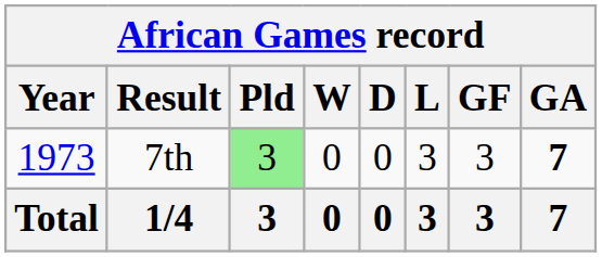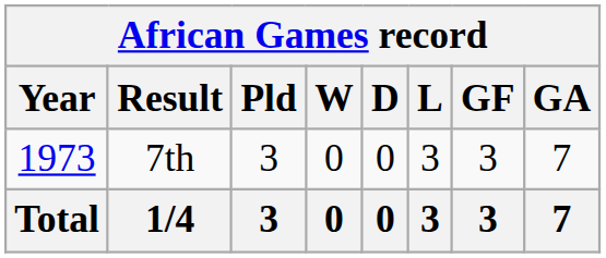 <table class="wikitable" style="text-align: center;">
 <tr>
 <th colspan=9><a href='#'>African Games</a> record</th>
 </tr>
 <tr>
 <th>Year</th>
 <th>Result</th>
 <th>Pld</th>
 <th>W</th>
 <th>D</th>
 <th>L</th>
 <th>GF</th>
 <th>GA</th>
 </tr>
 <tr>
 <td> <a href='#'>1973</a></td>
 <td>7th</td>
-<td style="background: lightgreen;">3</td>
+<td>3</td>
 <td>0</td>
 <td>0</td>
 <td>3</td>
 <td>3</td>
-<td><strong>7</strong></td>
+<td>7</td>
 </tr>
 <tr>
 <th><strong>Total</strong></th>
 <th>1/4</th>
 <th>3</th>
 <th>0</th>
 <th>0</th>
 <th>3</th>
 <th>3</th>
 <th>7</th>
 </tr>
 </table>
